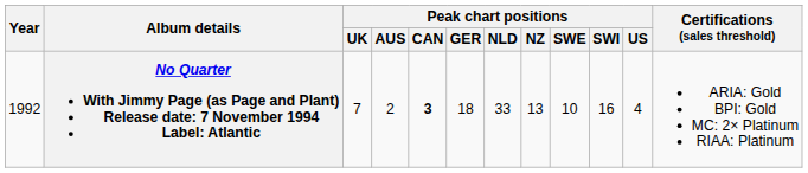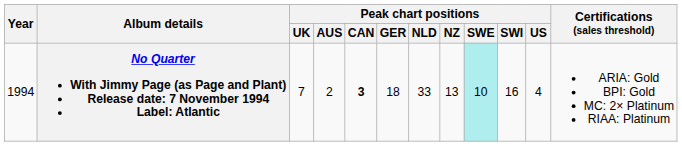 <table class="wikitable plainrowheaders" style="text-align:center;">
 <tr>
 <th scope="col" rowspan="2">Year</th>
 <th scope="col" rowspan="2">Album details</th>
 <th scope="col" colspan="9">Peak chart positions</th>
 <th scope="col" rowspan="2">Certifications<br><small>(sales threshold)</small></th>
 </tr>
 <tr>
 <th style="width:25px;">UK<br></th>
 <th style="width:25px;">AUS<br></th>
 <th style="width:25px;">CAN<br></th>
 <th style="width:25px;">GER<br></th>
 <th style="width:25px;">NLD<br></th>
 <th style="width:25px;">NZ<br></th>
 <th style="width:25px;">SWE<br></th>
 <th style="width:25px;">SWI<br></th>
 <th style="width:25px;">US<br></th>
 </tr>
 <tr>
-<td>1992</td>
+<td>1994</td>
 <th scope="row"><em><a href='#'>No Quarter</a></em><br><ul><li>With Jimmy Page (as Page and Plant)</li><li>Release date: 7 November 1994</li><li>Label: Atlantic</li></ul></th>
 <td>7</td>
 <td>2</td>
 <td><strong>3</strong></td>
 <td>18</td>
 <td>33</td>
 <td>13</td>
-<td>10</td>
+<td style="background: paleturquoise;">10</td>
 <td>16</td>
 <td>4</td>
 <td><br><ul><li>ARIA: Gold</li><li>BPI: Gold</li><li>MC: 2× Platinum</li><li>RIAA: Platinum</li></ul></td>
 </tr>
 </table>
